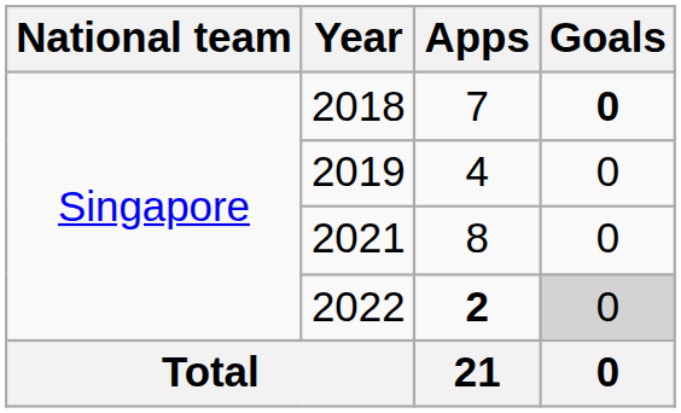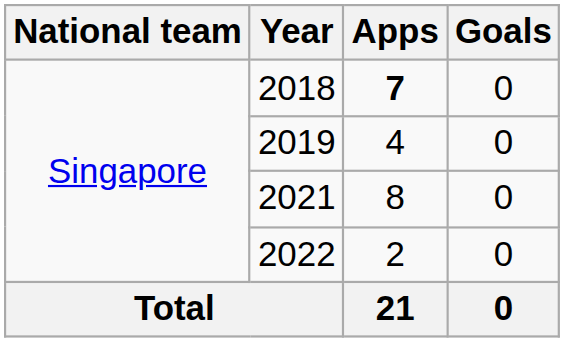 <table class="wikitable" style="text-align:center">
 <tr>
 <th>National team</th>
 <th>Year</th>
 <th>Apps</th>
 <th>Goals</th>
 </tr>
 <tr>
 <td rowspan="4"><a href='#'>Singapore</a></td>
 <td>2018</td>
-<td>7</td>
-<td><strong>0</strong></td>
+<td><strong>7</strong></td>
+<td>0</td>
 </tr>
 <tr>
 <td>2019</td>
 <td>4</td>
 <td>0</td>
 </tr>
 <tr>
 <td>2021</td>
 <td>8</td>
 <td>0</td>
 </tr>
 <tr>
 <td>2022</td>
-<td><strong>2</strong></td>
-<td style="background: lightgrey;">0</td>
+<td>2</td>
+<td>0</td>
 </tr>
 <tr>
 <th colspan="2">Total</th>
 <th>21</th>
 <th>0</th>
 </tr>
 </table>
